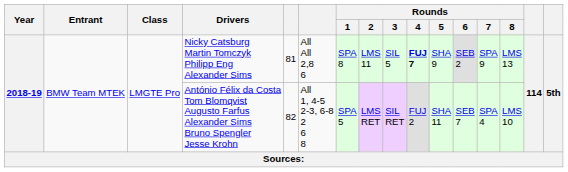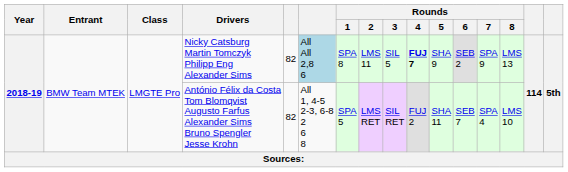 <table class="wikitable">
 <tr>
 <th rowspan="2">Year</th>
 <th rowspan="2">Entrant</th>
 <th rowspan="2">Class</th>
 <th rowspan="2">Drivers</th>
 <th rowspan="2"></th>
 <th rowspan="2"></th>
 <th colspan="8">Rounds</th>
 <th rowspan="2"></th>
 <th rowspan="2"></th>
 </tr>
 <tr>
 <th>1</th>
 <th>2</th>
 <th>3</th>
 <th>4</th>
 <th>5</th>
 <th>6</th>
 <th>7</th>
 <th>8</th>
 </tr>
 <tr>
 <th rowspan="2"><a href='#'>2018-19</a></th>
 <td rowspan="2"> <a href='#'>BMW Team MTEK</a></td>
 <td rowspan="2"><a href='#'>LMGTE Pro</a></td>
 <td> <a href='#'>Nicky Catsburg</a><br> <a href='#'>Martin Tomczyk</a><br> <a href='#'>Philipp Eng</a><br> <a href='#'>Alexander Sims</a></td>
-<td>81</td>
-<td>All<br>All<br>2,8<br>6</td>
+<td>82</td>
+<td style="background: lightblue;">All<br>All<br>2,8<br>6</td>
 <td style="background:#DFFFDF;"><a href='#'>SPA</a><br>8</td>
 <td style="background:#DFFFDF;"><a href='#'>LMS</a><br>11</td>
 <td style="background:#DFFFDF;"><a href='#'>SIL</a><br>5</td>
 <td style="background:#DFFFDF;"><strong><a href='#'>FUJ</a><br>7</strong></td>
 <td style="background:#DFFFDF;"><a href='#'>SHA</a><br>9</td>
 <td style="background:#DFDFDF;”"><a href='#'>SEB</a><br>2</td>
 <td style="background:#DFFFDF;"><a href='#'>SPA</a><br>9</td>
 <td style="background:#DFFFDF;"><a href='#'>LMS</a><br>13</td>
 <th rowspan="2">114</th>
 <th rowspan="2">5th</th>
 </tr>
 <tr>
 <td> <a href='#'>António Félix da Costa</a><br> <a href='#'>Tom Blomqvist</a><br> <a href='#'>Augusto Farfus</a><br> <a href='#'>Alexander Sims</a><br> <a href='#'>Bruno Spengler</a><br> <a href='#'>Jesse Krohn</a></td>
 <td>82</td>
 <td>All<br>1, 4-5<br>2-3, 6-8<br>2<br>6<br>8</td>
 <td style="background:#DFFFDF;"><a href='#'>SPA</a><br>5</td>
 <td style="background:#EFCFFF;"><a href='#'>LMS</a><br>RET</td>
 <td style="background:#EFCFFF;"><a href='#'>SIL</a><br>RET</td>
 <td style="background:#DFDFDF;”"><a href='#'>FUJ</a><br>2</td>
 <td style="background:#DFFFDF;"><a href='#'>SHA</a><br>11</td>
 <td style="background:#DFFFDF;"><a href='#'>SEB</a><br>7</td>
 <td style="background:#DFFFDF;"><a href='#'>SPA</a><br>4</td>
 <td style="background:#DFFFDF;"><a href='#'>LMS</a><br>10</td>
 </tr>
 <tr>
 <th colspan="16">Sources:</th>
 </tr>
 </table>
